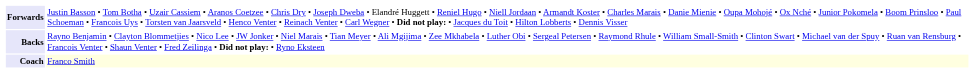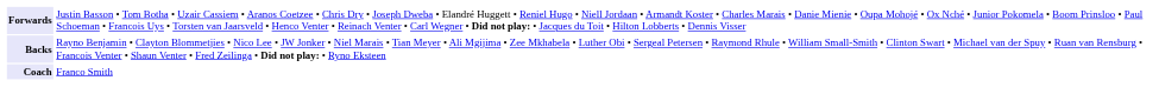 <table cellpadding="2" style="border: 1px solid white; font-size:90%;">
 <tr>
 <td style="text-align:right;" bgcolor="lavender"><strong>Forwards</strong></td>
 <td style="text-align:left;"><a href='#'>Justin Basson</a> • <a href='#'>Tom Botha</a> • <a href='#'>Uzair Cassiem</a> • <a href='#'>Aranos Coetzee</a> • <a href='#'>Chris Dry</a> • <a href='#'>Joseph Dweba</a> • Elandré Huggett • <a href='#'>Reniel Hugo</a> • <a href='#'>Niell Jordaan</a> • <a href='#'>Armandt Koster</a> • <a href='#'>Charles Marais</a> • <a href='#'>Danie Mienie</a> • <a href='#'>Oupa Mohojé</a> • <a href='#'>Ox Nché</a> • <a href='#'>Junior Pokomela</a> • <a href='#'>Boom Prinsloo</a> • <a href='#'>Paul Schoeman</a> • <a href='#'>Francois Uys</a> • <a href='#'>Torsten van Jaarsveld</a> • <a href='#'>Henco Venter</a> • <a href='#'>Reinach Venter</a> • <a href='#'>Carl Wegner</a> • <strong>Did not play:</strong> • <a href='#'>Jacques du Toit</a> • <a href='#'>Hilton Lobberts</a> • <a href='#'>Dennis Visser</a></td>
 </tr>
 <tr>
 <td style="text-align:right;" bgcolor="lavender"><strong>Backs</strong></td>
 <td style="text-align:left;"><a href='#'>Rayno Benjamin</a> • <a href='#'>Clayton Blommetjies</a> • <a href='#'>Nico Lee</a> • <a href='#'>JW Jonker</a> • <a href='#'>Niel Marais</a> • <a href='#'>Tian Meyer</a> • <a href='#'>Ali Mgijima</a> • <a href='#'>Zee Mkhabela</a> • <a href='#'>Luther Obi</a> • <a href='#'>Sergeal Petersen</a> • <a href='#'>Raymond Rhule</a> • <a href='#'>William Small-Smith</a> • <a href='#'>Clinton Swart</a> • <a href='#'>Michael van der Spuy</a> • <a href='#'>Ruan van Rensburg</a> • <a href='#'>Francois Venter</a> • <a href='#'>Shaun Venter</a> • <a href='#'>Fred Zeilinga</a> • <strong>Did not play:</strong> • <a href='#'>Ryno Eksteen</a></td>
 </tr>
 <tr>
 <td style="text-align:right;" bgcolor="lavender"><strong>Coach</strong></td>
-<td style="background: lightyellow; text-align:left;"><a href='#'>Franco Smith</a></td>
+<td style="text-align:left;"><a href='#'>Franco Smith</a></td>
 </tr>
 </table>
